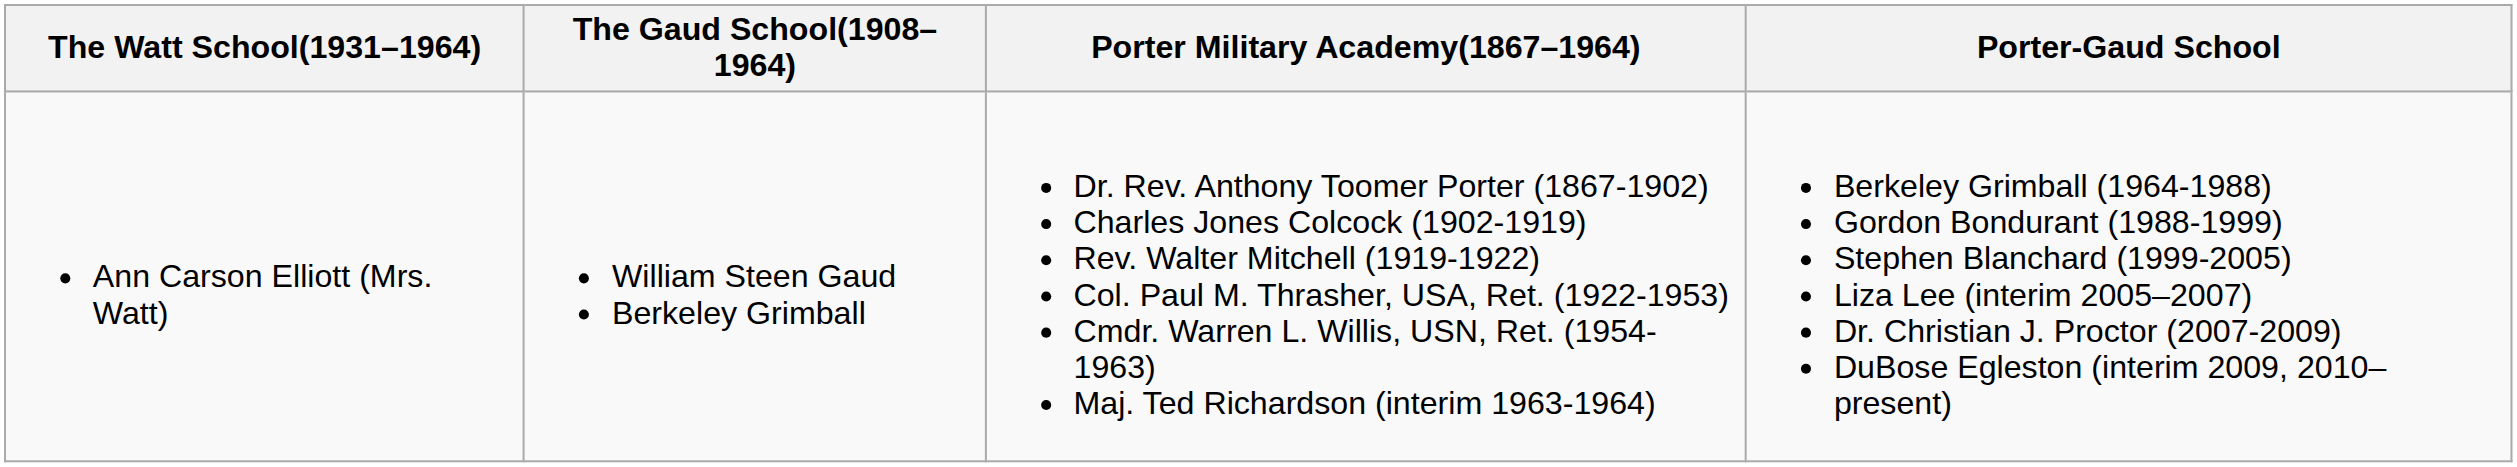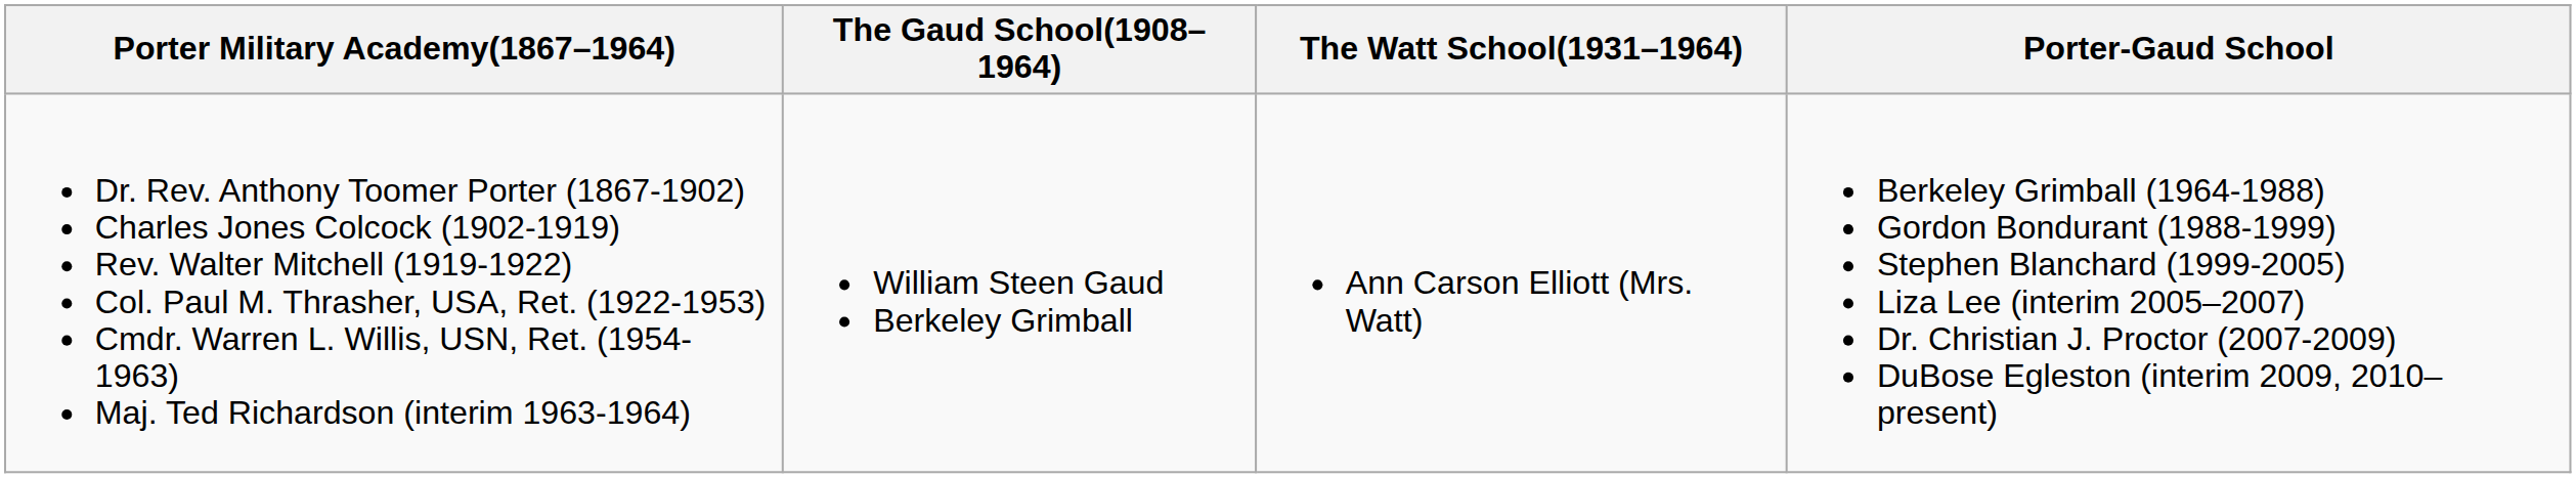 <table class="wikitable">
 <tr>
+<th><strong>Porter Military Academy</strong>(1867–1964)</th>
+<th><strong>The Gaud School</strong>(1908–1964)</th>
 <th><strong>The Watt School</strong>(1931–1964)</th>
-<th><strong>The Gaud School</strong>(1908–1964)</th>
-<th><strong>Porter Military Academy</strong>(1867–1964)</th>
 <th><strong>Porter-Gaud School</strong></th>
 </tr>
 <tr>
+<td><br><ul><li>Dr. Rev. Anthony Toomer Porter (1867-1902)</li><li>Charles Jones Colcock (1902-1919)</li><li>Rev. Walter Mitchell (1919-1922)</li><li>Col. Paul M. Thrasher, USA, Ret. (1922-1953)</li><li>Cmdr. Warren L. Willis, USN, Ret. (1954-1963)</li><li>Maj. Ted Richardson (interim 1963-1964)</li></ul></td>
+<td><br><ul><li>William Steen Gaud</li><li>Berkeley Grimball</li></ul></td>
 <td><br><ul><li>Ann Carson Elliott (Mrs. Watt)</li></ul></td>
-<td><br><ul><li>William Steen Gaud</li><li>Berkeley Grimball</li></ul></td>
-<td><br><ul><li>Dr. Rev. Anthony Toomer Porter (1867-1902)</li><li>Charles Jones Colcock (1902-1919)</li><li>Rev. Walter Mitchell (1919-1922)</li><li>Col. Paul M. Thrasher, USA, Ret. (1922-1953)</li><li>Cmdr. Warren L. Willis, USN, Ret. (1954-1963)</li><li>Maj. Ted Richardson (interim 1963-1964)</li></ul></td>
 <td><br><ul><li>Berkeley Grimball (1964-1988)</li><li>Gordon Bondurant (1988-1999)</li><li>Stephen Blanchard (1999-2005)</li><li>Liza Lee (interim 2005–2007)</li><li>Dr. Christian J. Proctor (2007-2009)</li><li>DuBose Egleston (interim 2009, 2010–present)</li></ul></td>
 </tr>
 </table>
